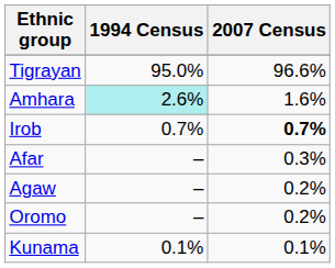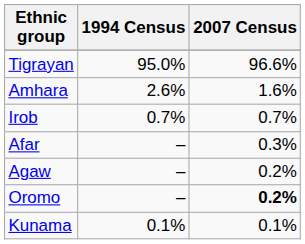 <table class="wikitable" style="text-align: right;">
 <tr bgcolor="#e0e0e0">
 <th rowspan="1">Ethnic<br>group</th>
 <th colspan="1">1994 Census</th>
 <th colspan="1">2007 Census </th>
 </tr>
 <tr bgcolor="#e0e0e0">
 </tr>
 <tr>
 <td align="left"><a href='#'>Tigrayan</a></td>
 <td>95.0%</td>
 <td>96.6%</td>
 </tr>
 <tr>
 <td align="left"><a href='#'>Amhara</a></td>
-<td style="background: paleturquoise;">2.6%</td>
+<td>2.6%</td>
 <td>1.6%</td>
 </tr>
 <tr>
 <td align="left"><a href='#'>Irob</a></td>
 <td>0.7%</td>
-<td><strong>0.7%</strong></td>
+<td>0.7%</td>
 </tr>
 <tr>
 <td align="left"><a href='#'>Afar</a></td>
 <td>–</td>
 <td>0.3%</td>
 </tr>
 <tr>
 <td align="left"><a href='#'>Agaw</a></td>
 <td>–</td>
 <td>0.2%</td>
 </tr>
 <tr>
 <td align="left"><a href='#'>Oromo</a></td>
 <td>–</td>
-<td>0.2%</td>
+<td><strong>0.2%</strong></td>
 </tr>
 <tr>
 <td align="left"><a href='#'>Kunama</a></td>
 <td>0.1%</td>
 <td>0.1%</td>
 </tr>
 </table>
